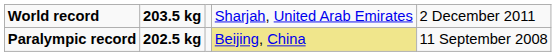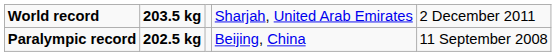 <table class="wikitable">
 <tr>
 <td><strong>World record</strong></td>
 <td><strong>203.5 kg</strong></td>
 <td></td>
 <td><a href='#'>Sharjah</a>, <a href='#'>United Arab Emirates</a></td>
 <td>2 December 2011</td>
 </tr>
 <tr>
 <td><strong>Paralympic record</strong></td>
 <td><strong>202.5 kg</strong></td>
 <td></td>
-<td style="background: khaki;"><a href='#'>Beijing</a>, <a href='#'>China</a></td>
+<td><a href='#'>Beijing</a>, <a href='#'>China</a></td>
 <td>11 September 2008</td>
 </tr>
 </table>
